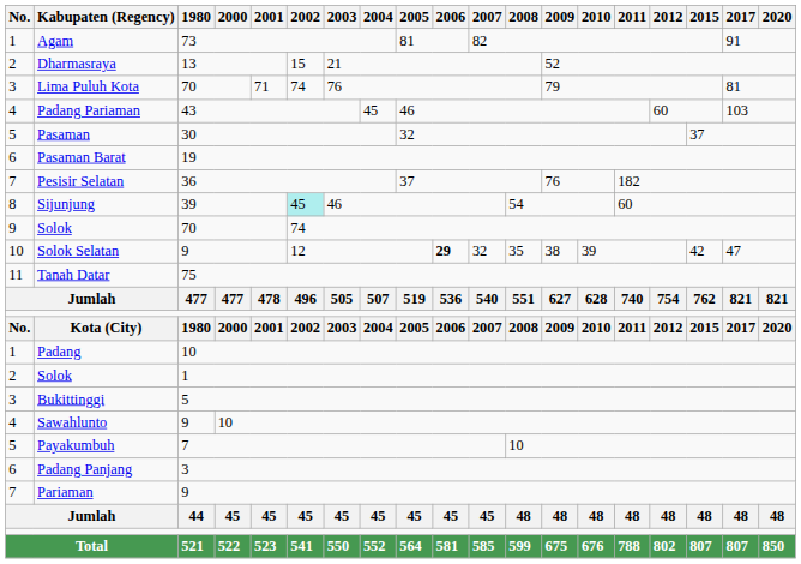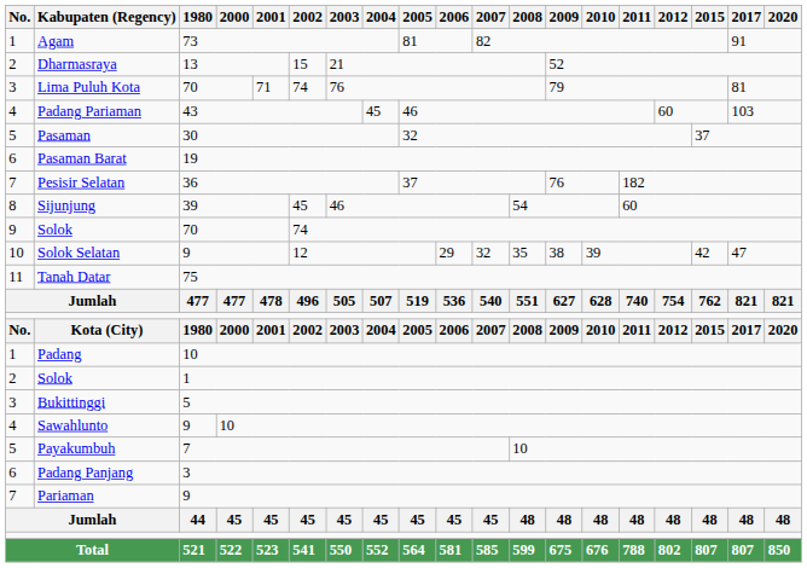 <table class="wikitable">
 <tr>
 <th>No.</th>
 <th>Kabupaten (Regency)</th>
 <th>1980</th>
 <th>2000</th>
 <th>2001</th>
 <th>2002</th>
 <th>2003</th>
 <th>2004</th>
 <th>2005</th>
 <th>2006</th>
 <th>2007</th>
 <th>2008</th>
 <th>2009</th>
 <th>2010</th>
 <th>2011</th>
 <th>2012</th>
 <th>2015</th>
 <th>2017</th>
 <th>2020</th>
 </tr>
 <tr>
 <td>1</td>
 <td><a href='#'>Agam</a></td>
 <td colspan="6">73</td>
 <td colspan="2">81</td>
 <td colspan="7">82</td>
 <td colspan="2">91</td>
 </tr>
 <tr>
 <td>2</td>
 <td><a href='#'>Dharmasraya</a></td>
 <td colspan="3">13</td>
 <td>15</td>
 <td colspan="6">21</td>
 <td colspan="7">52</td>
 </tr>
 <tr>
 <td>3</td>
 <td><a href='#'>Lima Puluh Kota</a></td>
 <td colspan="2">70</td>
 <td>71</td>
 <td>74</td>
 <td colspan="6">76</td>
 <td colspan="5">79</td>
 <td colspan="2">81</td>
 </tr>
 <tr>
 <td>4</td>
 <td><a href='#'>Padang Pariaman</a></td>
 <td colspan="5">43</td>
 <td>45</td>
 <td colspan="7">46</td>
 <td colspan="2">60</td>
 <td colspan="2">103</td>
 </tr>
 <tr>
 <td>5</td>
 <td><a href='#'>Pasaman</a></td>
 <td colspan="6">30</td>
 <td colspan="8">32</td>
 <td colspan="3">37</td>
 </tr>
 <tr>
 <td>6</td>
 <td><a href='#'>Pasaman Barat</a></td>
 <td colspan="17">19</td>
 </tr>
 <tr>
 <td>7</td>
 <td><a href='#'>Pesisir Selatan</a></td>
 <td colspan="6">36</td>
 <td colspan="4">37</td>
 <td colspan="2">76</td>
 <td colspan="5">182</td>
 </tr>
 <tr>
 <td>8</td>
 <td><a href='#'>Sijunjung</a></td>
 <td colspan="3">39</td>
-<td style="background: paleturquoise;">45</td>
+<td>45</td>
 <td colspan="5">46</td>
 <td colspan="3">54</td>
 <td colspan="5">60</td>
 </tr>
 <tr>
 <td>9</td>
 <td><a href='#'>Solok</a></td>
 <td colspan="3">70</td>
 <td colspan="14">74</td>
 </tr>
 <tr>
 <td>10</td>
 <td><a href='#'>Solok Selatan</a></td>
 <td colspan="3">9</td>
 <td colspan="4">12</td>
-<td><strong>29</strong></td>
+<td>29</td>
 <td>32</td>
 <td>35</td>
 <td>38</td>
 <td colspan="3">39</td>
 <td>42</td>
 <td colspan="2">47</td>
 </tr>
 <tr>
 <td>11</td>
 <td><a href='#'>Tanah Datar</a></td>
 <td colspan="17">75</td>
 </tr>
 <tr>
 <th colspan="2">Jumlah</th>
 <th>477</th>
 <th>477</th>
 <th>478</th>
 <th>496</th>
 <th>505</th>
 <th>507</th>
 <th>519</th>
 <th>536</th>
 <th>540</th>
 <th>551</th>
 <th>627</th>
 <th>628</th>
 <th>740</th>
 <th>754</th>
 <th>762</th>
 <th>821</th>
 <th>821</th>
 </tr>
 <tr>
 <td colspan="19"></td>
 </tr>
 <tr>
 <th>No.</th>
 <th>Kota (City)</th>
 <th>1980</th>
 <th>2000</th>
 <th>2001</th>
 <th>2002</th>
 <th>2003</th>
 <th>2004</th>
 <th>2005</th>
 <th>2006</th>
 <th>2007</th>
 <th>2008</th>
 <th>2009</th>
 <th>2010</th>
 <th>2011</th>
 <th>2012</th>
 <th>2015</th>
 <th>2017</th>
 <th>2020</th>
 </tr>
 <tr>
 <td>1</td>
 <td><a href='#'>Padang</a></td>
 <td colspan="17">10</td>
 </tr>
 <tr>
 <td>2</td>
 <td><a href='#'>Solok</a></td>
 <td colspan="17">1</td>
 </tr>
 <tr>
 <td>3</td>
 <td><a href='#'>Bukittinggi</a></td>
 <td colspan="17">5</td>
 </tr>
 <tr>
 <td>4</td>
 <td><a href='#'>Sawahlunto</a></td>
 <td>9</td>
 <td colspan="16">10</td>
 </tr>
 <tr>
 <td>5</td>
 <td><a href='#'>Payakumbuh</a></td>
 <td colspan="9">7</td>
 <td colspan="8">10</td>
 </tr>
 <tr>
 <td>6</td>
 <td><a href='#'>Padang Panjang</a></td>
 <td colspan="17">3</td>
 </tr>
 <tr>
 <td>7</td>
 <td><a href='#'>Pariaman</a></td>
 <td colspan="17">9</td>
 </tr>
 <tr>
 <th colspan="2">Jumlah</th>
 <th>44</th>
 <th>45</th>
 <th>45</th>
 <th>45</th>
 <th>45</th>
 <th>45</th>
 <th>45</th>
 <th>45</th>
 <th>45</th>
 <th>48</th>
 <th>48</th>
 <th>48</th>
 <th>48</th>
 <th>48</th>
 <th>48</th>
 <th>48</th>
 <th>48</th>
 </tr>
 <tr>
 <td colspan="19"></td>
 </tr>
 <tr>
 <td colspan="2" bgcolor="#469951" style="color:white;text-align:center;"><strong>Total</strong></td>
 <td bgcolor="#469951" style="color:white;"><strong>521</strong></td>
 <td bgcolor="#469951" style="color:white;"><strong>522</strong></td>
 <td bgcolor="#469951" style="color:white;"><strong>523</strong></td>
 <td bgcolor="#469951" style="color:white;"><strong>541</strong></td>
 <td bgcolor="#469951" style="color:white;"><strong>550</strong></td>
 <td bgcolor="#469951" style="color:white;"><strong>552</strong></td>
 <td bgcolor="#469951" style="color:white;"><strong>564</strong></td>
 <td bgcolor="#469951" style="color:white;"><strong>581</strong></td>
 <td bgcolor="#469951" style="color:white;"><strong>585</strong></td>
 <td bgcolor="#469951" style="color:white;"><strong>599</strong></td>
 <td bgcolor="#469951" style="color:white;"><strong>675</strong></td>
 <td bgcolor="#469951" style="color:white;"><strong>676</strong></td>
 <td bgcolor="#469951" style="color:white;"><strong>788</strong></td>
 <td bgcolor="#469951" style="color:white;"><strong>802</strong></td>
 <td bgcolor="#469951" style="color:white;"><strong>807</strong></td>
 <td bgcolor="#469951" style="color:white;"><strong>807</strong></td>
 <td bgcolor="#469951" style="color:white;"><strong>850</strong></td>
 </tr>
 </table>
